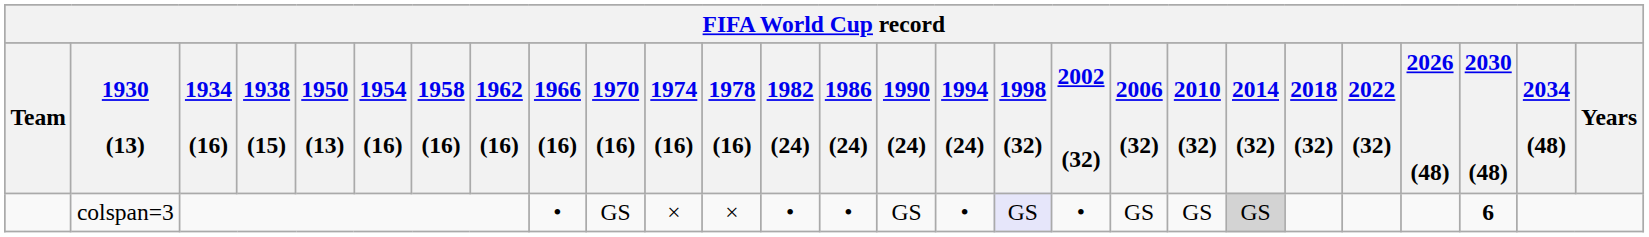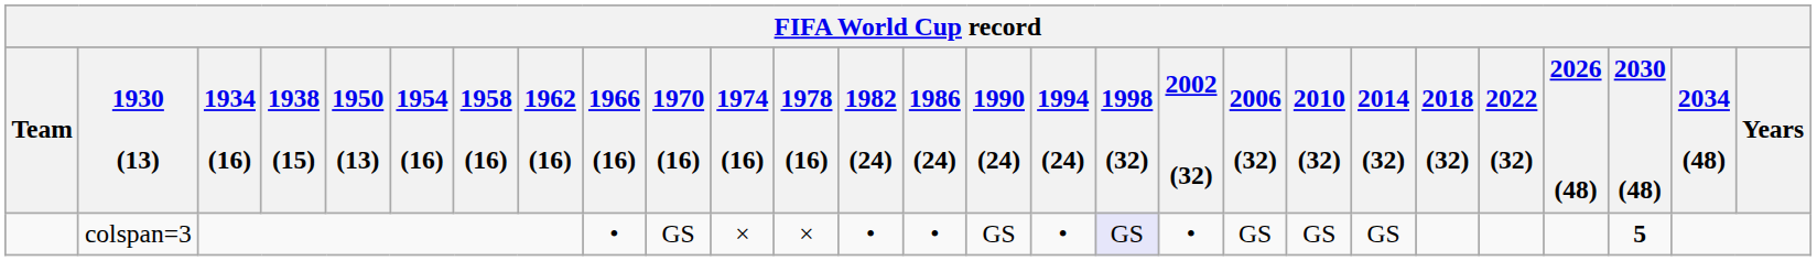 <table class="wikitable" style="text-align:center; font-size:85%;">
 <tr>
 <th colspan=28><a href='#'>FIFA World Cup</a> record</th>
 </tr>
 <tr>
 <th>Team</th>
 <th><a href='#'>1930</a><br><br>(13)</th>
 <th><a href='#'>1934</a><br><br>(16)</th>
 <th><a href='#'>1938</a><br><br>(15)</th>
 <th><a href='#'>1950</a><br><br>(13)</th>
 <th><a href='#'>1954</a><br><br>(16)</th>
 <th><a href='#'>1958</a><br><br>(16)</th>
 <th><a href='#'>1962</a><br><br>(16)</th>
 <th><a href='#'>1966</a><br><br>(16)</th>
 <th><a href='#'>1970</a><br><br>(16)</th>
 <th><a href='#'>1974</a><br><br>(16)</th>
 <th><a href='#'>1978</a><br><br>(16)</th>
 <th><a href='#'>1982</a><br><br>(24)</th>
 <th><a href='#'>1986</a><br><br>(24)</th>
 <th><a href='#'>1990</a><br><br>(24)</th>
 <th><a href='#'>1994</a><br><br>(24)</th>
 <th><a href='#'>1998</a><br><br>(32)</th>
 <th><a href='#'>2002</a><br><br><br>(32)</th>
 <th><a href='#'>2006</a><br><br>(32)</th>
 <th><a href='#'>2010</a><br><br>(32)</th>
 <th><a href='#'>2014</a><br><br>(32)</th>
 <th><a href='#'>2018</a><br><br>(32)</th>
 <th><a href='#'>2022</a><br><br>(32)</th>
 <th><a href='#'>2026</a><br><br><br><br>(48)</th>
 <th><a href='#'>2030</a> <br>  <br><br>  <br> (48)</th>
 <th><a href='#'>2034</a> <br> <br> (48)</th>
 <th>Years</th>
 </tr>
 <tr>
 <td align=left></td>
 <td>colspan=3 </td>
 <td colspan=6></td>
 <td>•</td>
 <td>GS</td>
 <td>×</td>
 <td>×</td>
 <td>•</td>
 <td>•</td>
 <td>GS</td>
 <td>•</td>
 <td style="background: lavender;">GS</td>
 <td>•</td>
 <td>GS</td>
 <td>GS</td>
-<td style="background: lightgrey;">GS</td>
+<td>GS</td>
 <td></td>
 <td></td>
 <td></td>
-<td><strong>6</strong></td>
+<td><strong>5</strong></td>
 </tr>
 </table>
